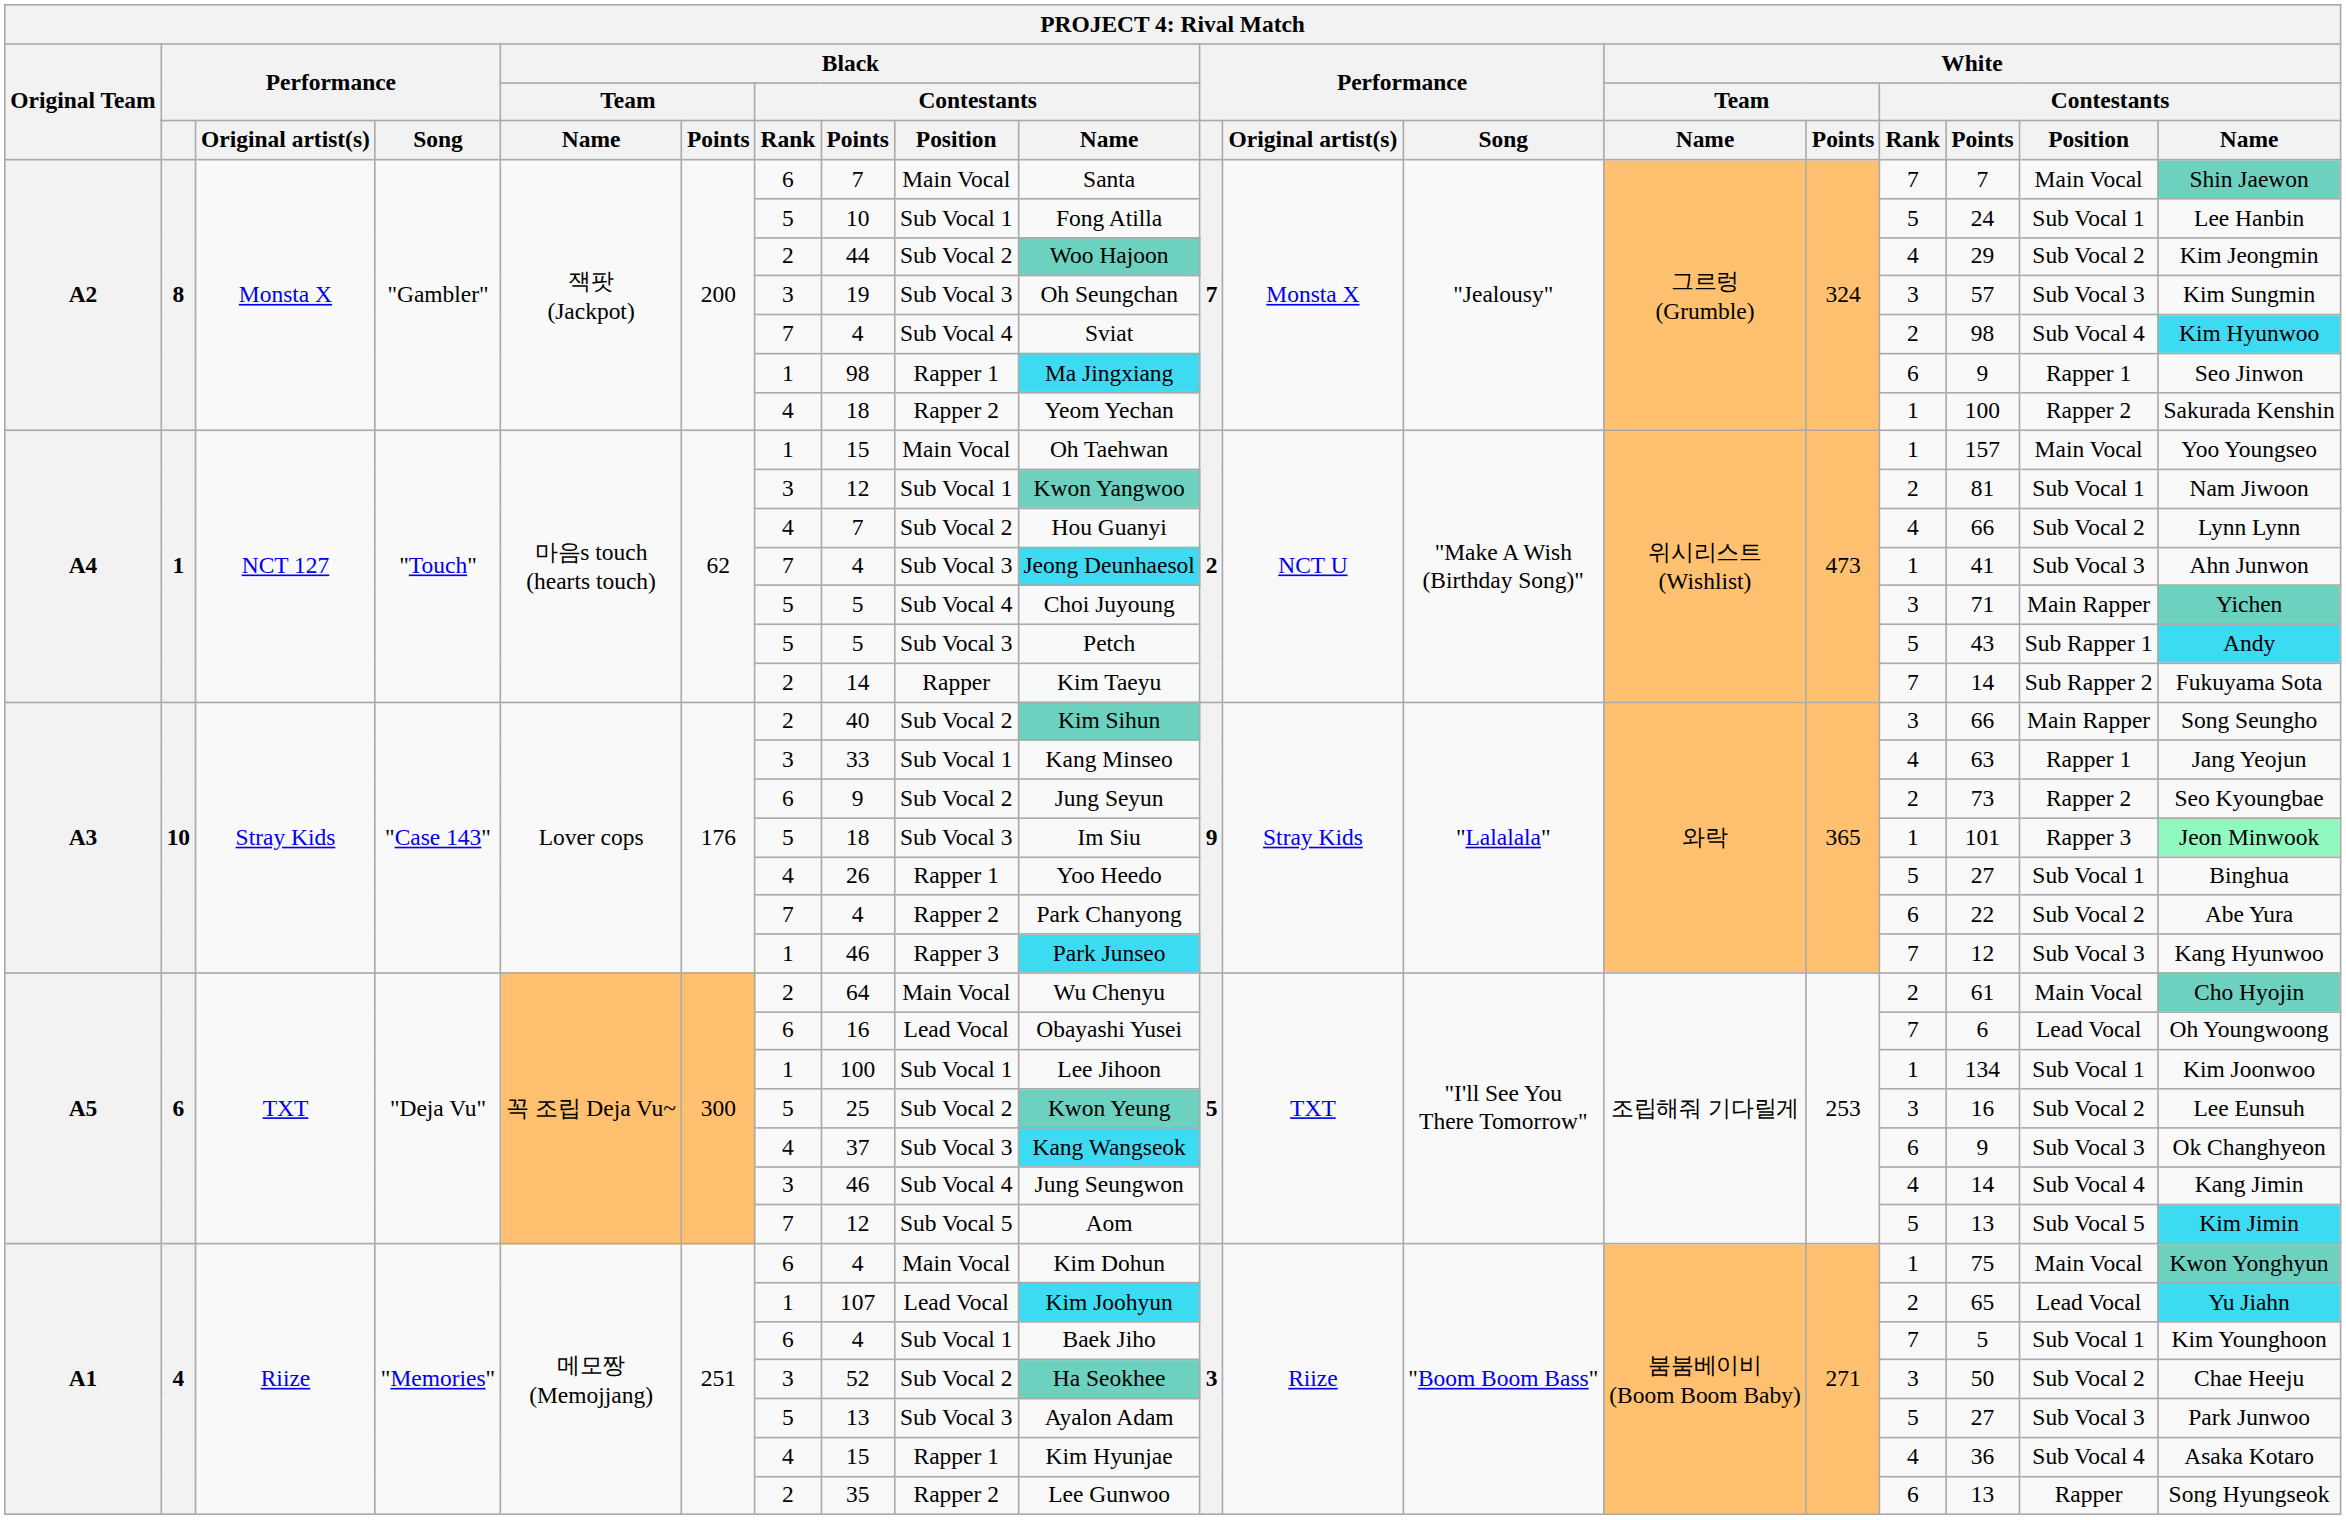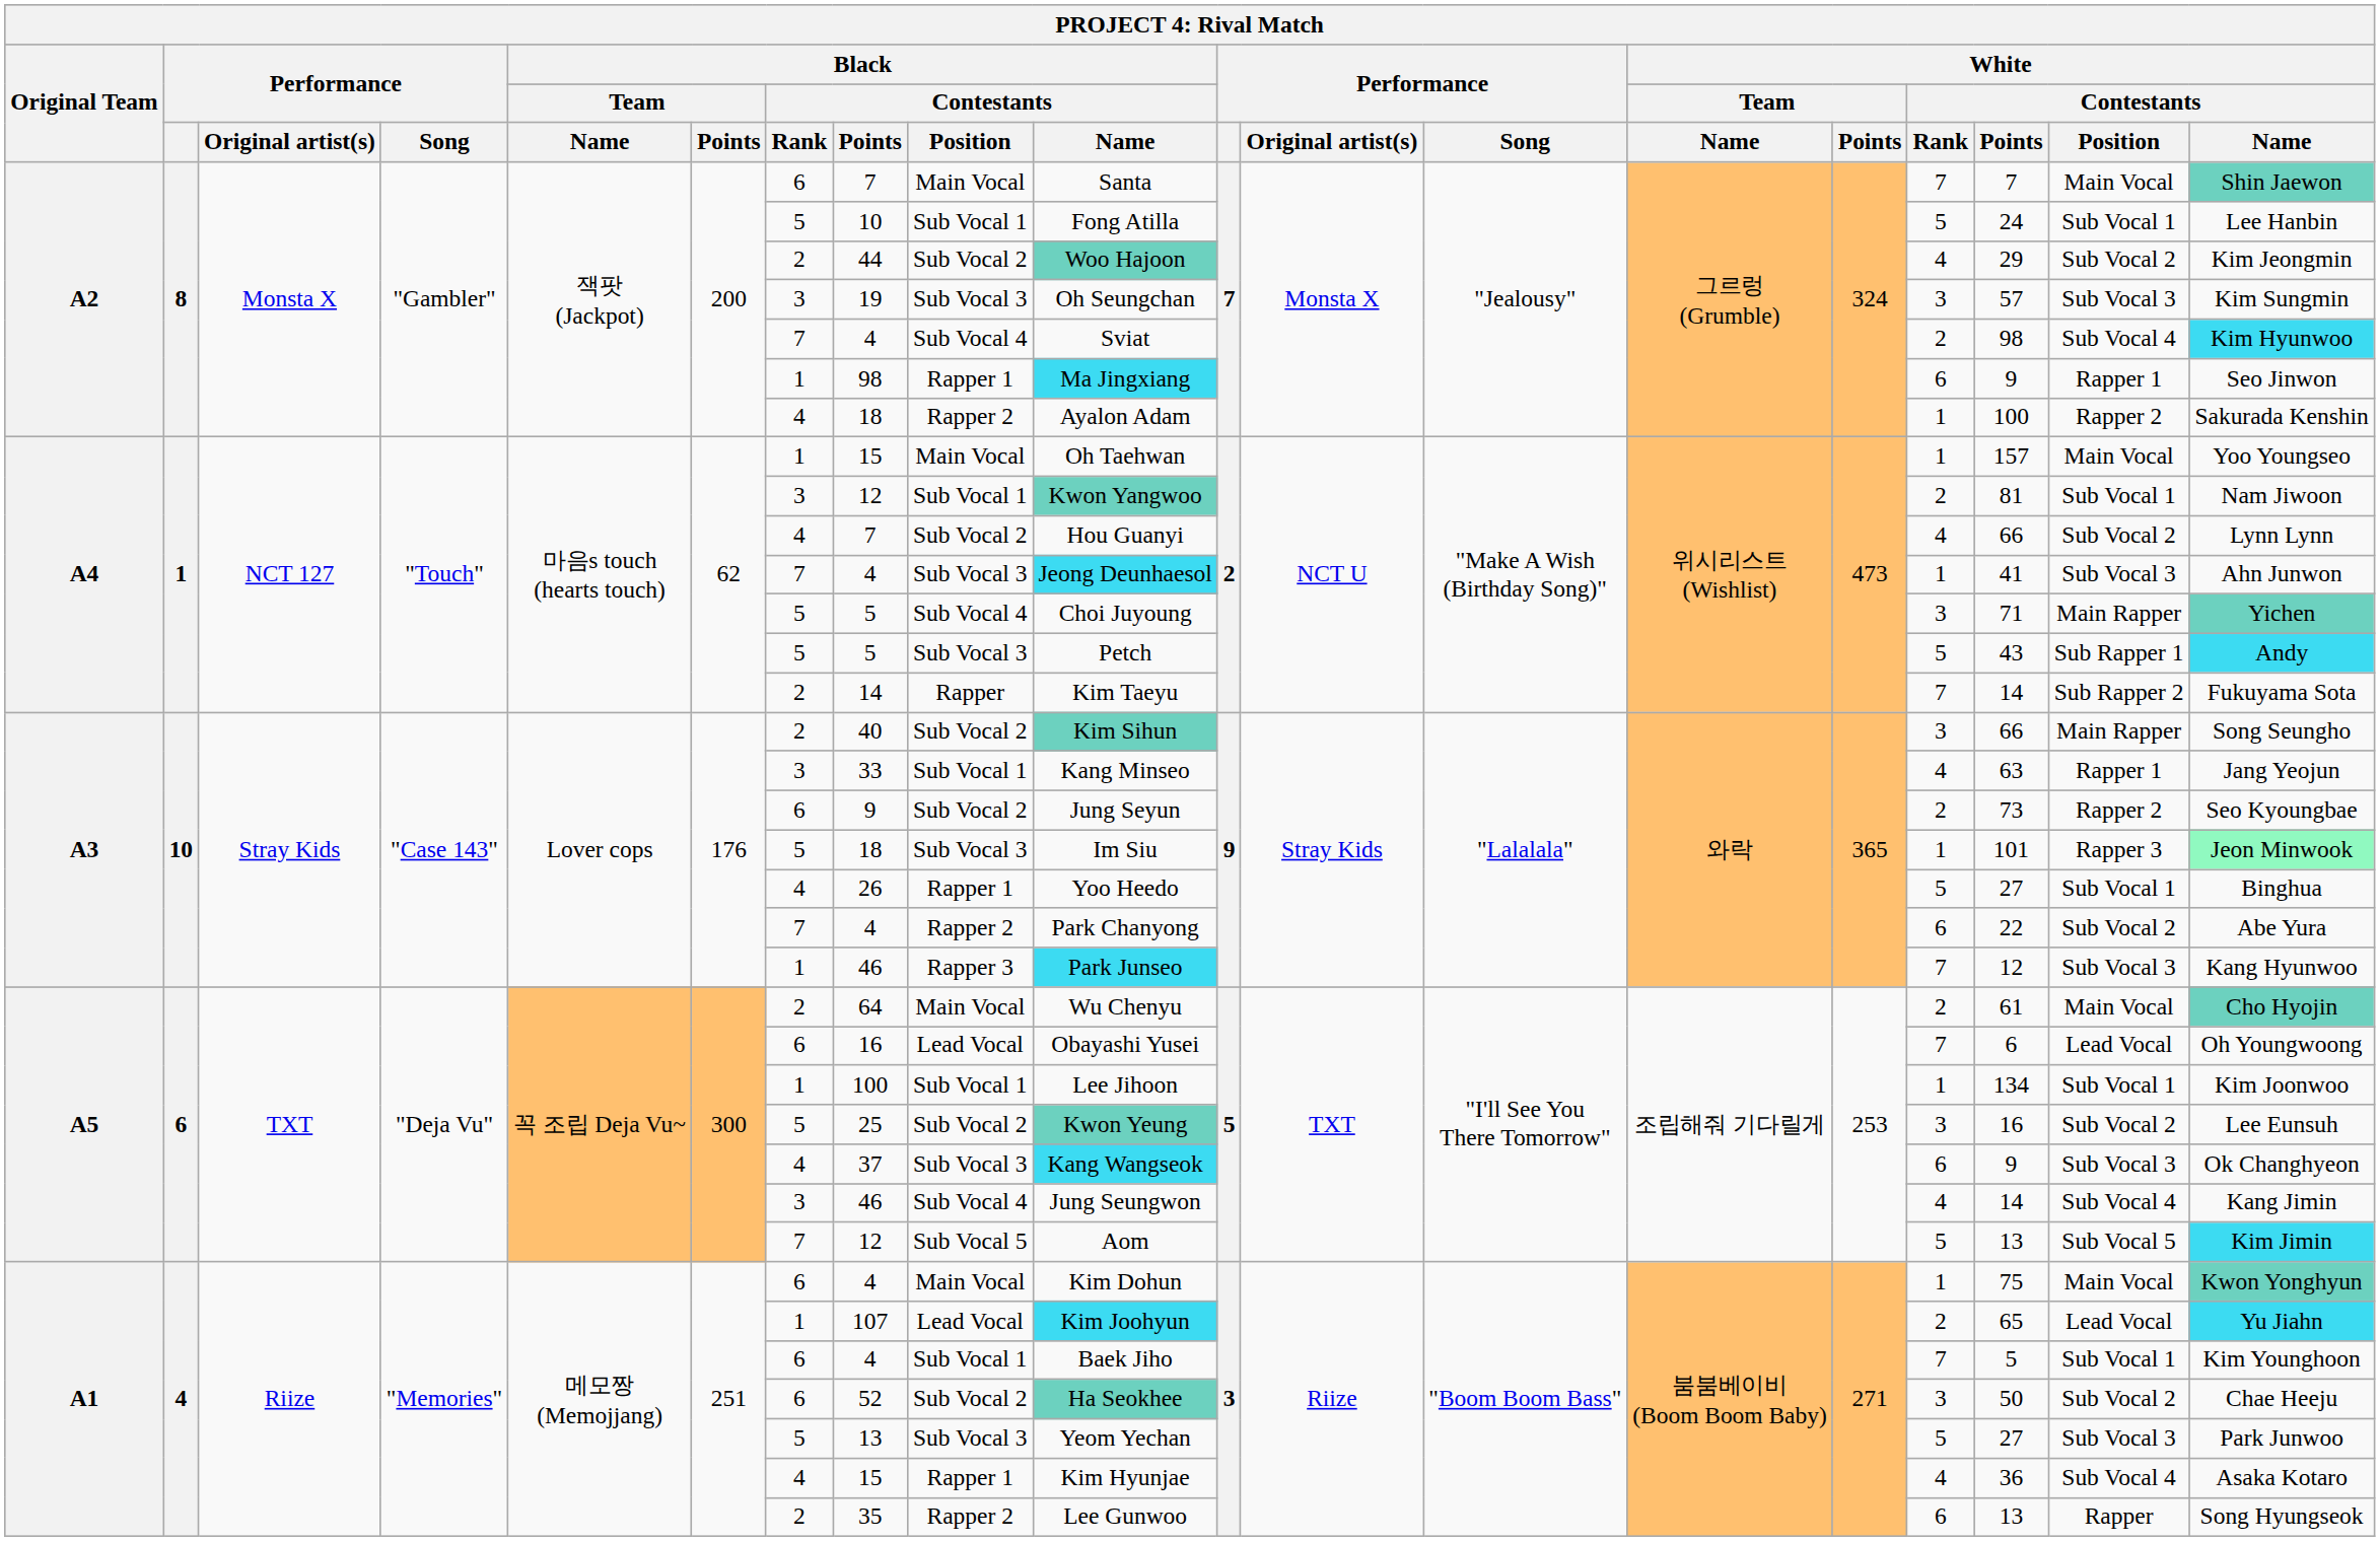 <table class="wikitable sortable mw-collapsible mw-collapsed" style="font-size:90%; text-align:center; ">
 <tr>
 <th colspan="19">PROJECT 4: Rival Match</th>
 </tr>
 <tr>
 <th rowspan="3">Original Team</th>
 <th colspan="3" rowspan="2">Performance</th>
 <th colspan="6">Black</th>
 <th colspan="3" rowspan="2">Performance</th>
 <th colspan="6">White</th>
 </tr>
 <tr>
 <th colspan="2">Team</th>
 <th colspan="4">Contestants</th>
 <th colspan="2">Team</th>
 <th colspan="4">Contestants</th>
 </tr>
 <tr>
 <th></th>
 <th>Original artist(s)</th>
 <th>Song</th>
 <th>Name</th>
 <th>Points</th>
 <th>Rank</th>
 <th>Points</th>
 <th>Position</th>
 <th>Name</th>
 <th></th>
 <th>Original artist(s)</th>
 <th>Song</th>
 <th>Name</th>
 <th>Points</th>
 <th>Rank</th>
 <th>Points</th>
 <th>Position</th>
 <th>Name</th>
 </tr>
 <tr>
 <th rowspan="7">A2</th>
 <th rowspan="7">8</th>
 <td rowspan="7"><a href='#'>Monsta X</a></td>
 <td rowspan="7">"Gambler"</td>
 <td rowspan="7">잭팟 <br> (Jackpot)</td>
 <td rowspan="7">200</td>
 <td>6</td>
 <td>7</td>
 <td>Main Vocal</td>
 <td>Santa</td>
 <th rowspan="7">7</th>
 <td rowspan="7"><a href='#'>Monsta X</a></td>
 <td rowspan="7">"Jealousy"</td>
 <td rowspan="7" style="background:#FFC06F">그르렁<br>(Grumble)</td>
 <td rowspan="7" style="background:#FFC06F">324</td>
 <td>7</td>
 <td>7</td>
 <td>Main Vocal</td>
 <td style="background:#6CD1BF">Shin Jaewon</td>
 </tr>
 <tr>
 <td>5</td>
 <td>10</td>
 <td>Sub Vocal 1</td>
 <td>Fong Atilla</td>
 <td>5</td>
 <td>24</td>
 <td>Sub Vocal 1</td>
 <td>Lee Hanbin</td>
 </tr>
 <tr>
 <td>2</td>
 <td>44</td>
 <td>Sub Vocal 2</td>
 <td style="background:#6CD1BF">Woo Hajoon</td>
 <td>4</td>
 <td>29</td>
 <td>Sub Vocal 2</td>
 <td>Kim Jeongmin</td>
 </tr>
 <tr>
 <td>3</td>
 <td>19</td>
 <td>Sub Vocal 3</td>
 <td>Oh Seungchan</td>
 <td>3</td>
 <td>57</td>
 <td>Sub Vocal 3</td>
 <td>Kim Sungmin</td>
 </tr>
 <tr>
 <td>7</td>
 <td>4</td>
 <td>Sub Vocal 4</td>
 <td>Sviat</td>
 <td>2</td>
 <td>98</td>
 <td>Sub Vocal 4</td>
 <td style="background:#3cdbf2">Kim Hyunwoo</td>
 </tr>
 <tr>
 <td>1</td>
 <td>98</td>
 <td>Rapper 1</td>
 <td style="background:#3cdbf2">Ma Jingxiang</td>
 <td>6</td>
 <td>9</td>
 <td>Rapper 1</td>
 <td>Seo Jinwon</td>
 </tr>
 <tr>
 <td>4</td>
 <td>18</td>
 <td>Rapper 2</td>
-<td>Yeom Yechan</td>
+<td>Ayalon Adam</td>
 <td>1</td>
 <td>100</td>
 <td>Rapper 2</td>
 <td>Sakurada Kenshin</td>
 </tr>
 <tr>
 <th rowspan="7">A4</th>
 <th rowspan="7">1</th>
 <td rowspan="7"><a href='#'>NCT 127</a></td>
 <td rowspan="7">"<a href='#'>Touch</a>"</td>
 <td rowspan="7">마음s touch<br>(hearts touch)</td>
 <td rowspan="7">62</td>
 <td>1</td>
 <td>15</td>
 <td>Main Vocal</td>
 <td>Oh Taehwan</td>
 <th rowspan="7">2</th>
 <td rowspan="7"><a href='#'>NCT U</a></td>
 <td rowspan="7">"Make A Wish<br>(Birthday Song)"</td>
 <td rowspan="7" style="background:#FFC06F">위시리스트<br>(Wishlist)</td>
 <td rowspan="7" style="background:#FFC06F">473</td>
 <td>1</td>
 <td>157</td>
 <td>Main Vocal</td>
 <td>Yoo Youngseo</td>
 </tr>
 <tr>
 <td>3</td>
 <td>12</td>
 <td>Sub Vocal 1</td>
 <td style="background:#6CD1BF">Kwon Yangwoo</td>
 <td>2</td>
 <td>81</td>
 <td>Sub Vocal 1</td>
 <td>Nam Jiwoon</td>
 </tr>
 <tr>
 <td>4</td>
 <td>7</td>
 <td>Sub Vocal 2</td>
 <td>Hou Guanyi</td>
 <td>4</td>
 <td>66</td>
 <td>Sub Vocal 2</td>
 <td>Lynn Lynn</td>
 </tr>
 <tr>
 <td>7</td>
 <td>4</td>
 <td>Sub Vocal 3</td>
 <td style="background:#3cdbf2">Jeong Deunhaesol</td>
 <td>1</td>
 <td>41</td>
 <td>Sub Vocal 3</td>
 <td>Ahn Junwon</td>
 </tr>
 <tr>
 <td>5</td>
 <td>5</td>
 <td>Sub Vocal 4</td>
 <td>Choi Juyoung</td>
 <td>3</td>
 <td>71</td>
 <td>Main Rapper</td>
 <td style="background:#6CD1BF">Yichen</td>
 </tr>
 <tr>
 <td>5</td>
 <td>5</td>
 <td>Sub Vocal 3</td>
 <td>Petch</td>
 <td>5</td>
 <td>43</td>
 <td>Sub Rapper 1</td>
 <td style="background:#3cdbf2">Andy</td>
 </tr>
 <tr>
 <td>2</td>
 <td>14</td>
 <td>Rapper</td>
 <td>Kim Taeyu</td>
 <td>7</td>
 <td>14</td>
 <td>Sub Rapper 2</td>
 <td>Fukuyama Sota</td>
 </tr>
 <tr>
 <th rowspan="7">A3</th>
 <th rowspan="7">10</th>
 <td rowspan="7"><a href='#'>Stray Kids</a></td>
 <td rowspan="7">"<a href='#'>Case 143</a>"</td>
 <td rowspan="7">Lover cops</td>
 <td rowspan="7">176</td>
 <td>2</td>
 <td>40</td>
 <td>Sub Vocal 2</td>
 <td style="background:#6CD1BF">Kim Sihun</td>
 <th rowspan="7">9</th>
 <td rowspan="7"><a href='#'>Stray Kids</a></td>
 <td rowspan="7">"<a href='#'>Lalalala</a>"</td>
 <td rowspan="7" style="background:#FFC06F">와락</td>
 <td rowspan="7" style="background:#FFC06F">365</td>
 <td>3</td>
 <td>66</td>
 <td>Main Rapper</td>
 <td>Song Seungho</td>
 </tr>
 <tr>
 <td>3</td>
 <td>33</td>
 <td>Sub Vocal 1</td>
 <td>Kang Minseo</td>
 <td>4</td>
 <td>63</td>
 <td>Rapper 1</td>
 <td>Jang Yeojun</td>
 </tr>
 <tr>
 <td>6</td>
 <td>9</td>
 <td>Sub Vocal 2</td>
 <td>Jung Seyun</td>
 <td>2</td>
 <td>73</td>
 <td>Rapper 2</td>
 <td>Seo Kyoungbae</td>
 </tr>
 <tr>
 <td>5</td>
 <td>18</td>
 <td>Sub Vocal 3</td>
 <td>Im Siu</td>
 <td>1</td>
 <td>101</td>
 <td>Rapper 3</td>
 <td style="background:#90F9C0 ">Jeon Minwook</td>
 </tr>
 <tr>
 <td>4</td>
 <td>26</td>
 <td>Rapper 1</td>
 <td>Yoo Heedo</td>
 <td>5</td>
 <td>27</td>
 <td>Sub Vocal 1</td>
 <td>Binghua</td>
 </tr>
 <tr>
 <td>7</td>
 <td>4</td>
 <td>Rapper 2</td>
 <td>Park Chanyong</td>
 <td>6</td>
 <td>22</td>
 <td>Sub Vocal 2</td>
 <td>Abe Yura</td>
 </tr>
 <tr>
 <td>1</td>
 <td>46</td>
 <td>Rapper 3</td>
 <td style="background:#3cdbf2">Park Junseo</td>
 <td>7</td>
 <td>12</td>
 <td>Sub Vocal 3</td>
 <td>Kang Hyunwoo</td>
 </tr>
 <tr>
 <th rowspan="7">A5</th>
 <th rowspan="7">6</th>
 <td rowspan="7"><a href='#'>TXT</a></td>
 <td rowspan="7">"Deja Vu"</td>
 <td rowspan="7" style="background:#FFC06F">꼭 조립 Deja Vu~</td>
 <td rowspan="7" style="background:#FFC06F">300</td>
 <td>2</td>
 <td>64</td>
 <td>Main Vocal</td>
 <td>Wu Chenyu</td>
 <th rowspan="7">5</th>
 <td rowspan="7"><a href='#'>TXT</a></td>
 <td rowspan="7">"I'll See You<br>There Tomorrow"</td>
 <td rowspan="7">조립해줘 기다릴게</td>
 <td rowspan="7">253</td>
 <td>2</td>
 <td>61</td>
 <td>Main Vocal</td>
 <td style="background:#6CD1BF">Cho Hyojin</td>
 </tr>
 <tr>
 <td>6</td>
 <td>16</td>
 <td>Lead Vocal</td>
 <td>Obayashi Yusei</td>
 <td>7</td>
 <td>6</td>
 <td>Lead Vocal</td>
 <td>Oh Youngwoong</td>
 </tr>
 <tr>
 <td>1</td>
 <td>100</td>
 <td>Sub Vocal 1</td>
 <td>Lee Jihoon</td>
 <td>1</td>
 <td>134</td>
 <td>Sub Vocal 1</td>
 <td>Kim Joonwoo</td>
 </tr>
 <tr>
 <td>5</td>
 <td>25</td>
 <td>Sub Vocal 2</td>
 <td style="background:#6CD1BF">Kwon Yeung</td>
 <td>3</td>
 <td>16</td>
 <td>Sub Vocal 2</td>
 <td>Lee Eunsuh</td>
 </tr>
 <tr>
 <td>4</td>
 <td>37</td>
 <td>Sub Vocal 3</td>
 <td style="background:#3cdbf2">Kang Wangseok</td>
 <td>6</td>
 <td>9</td>
 <td>Sub Vocal 3</td>
 <td>Ok Changhyeon</td>
 </tr>
 <tr>
 <td>3</td>
 <td>46</td>
 <td>Sub Vocal 4</td>
 <td>Jung Seungwon</td>
 <td>4</td>
 <td>14</td>
 <td>Sub Vocal 4</td>
 <td>Kang Jimin</td>
 </tr>
 <tr>
 <td>7</td>
 <td>12</td>
 <td>Sub Vocal 5</td>
 <td>Aom</td>
 <td>5</td>
 <td>13</td>
 <td>Sub Vocal 5</td>
 <td style="background:#3cdbf2">Kim Jimin</td>
 </tr>
 <tr>
 <th rowspan="7">A1</th>
 <th rowspan="7">4</th>
 <td rowspan="7"><a href='#'>Riize</a></td>
 <td rowspan="7">"<a href='#'>Memories</a>"</td>
 <td rowspan="7">메모짱<br>(Memojjang)</td>
 <td rowspan="7">251</td>
 <td>6</td>
 <td>4</td>
 <td>Main Vocal</td>
 <td>Kim Dohun</td>
 <th rowspan="7">3</th>
 <td rowspan="7"><a href='#'>Riize</a></td>
 <td rowspan="7">"<a href='#'>Boom Boom Bass</a>"</td>
 <td rowspan="7" style="background:#FFC06F">붐붐베이비<br>(Boom Boom Baby)</td>
 <td rowspan="7" style="background:#FFC06F">271</td>
 <td>1</td>
 <td>75</td>
 <td>Main Vocal</td>
 <td style="background:#6CD1BF">Kwon Yonghyun</td>
 </tr>
 <tr>
 <td>1</td>
 <td>107</td>
 <td>Lead Vocal</td>
 <td style="background:#3cdbf2">Kim Joohyun</td>
 <td>2</td>
 <td>65</td>
 <td>Lead Vocal</td>
 <td style="background:#3cdbf2">Yu Jiahn</td>
 </tr>
 <tr>
 <td>6</td>
 <td>4</td>
 <td>Sub Vocal 1</td>
 <td>Baek Jiho</td>
 <td>7</td>
 <td>5</td>
 <td>Sub Vocal 1</td>
 <td>Kim Younghoon</td>
 </tr>
 <tr>
-<td>3</td>
+<td>6</td>
 <td>52</td>
 <td>Sub Vocal 2</td>
 <td style="background:#6CD1BF">Ha Seokhee</td>
 <td>3</td>
 <td>50</td>
 <td>Sub Vocal 2</td>
 <td>Chae Heeju</td>
 </tr>
 <tr>
 <td>5</td>
 <td>13</td>
 <td>Sub Vocal 3</td>
-<td>Ayalon Adam</td>
+<td>Yeom Yechan</td>
 <td>5</td>
 <td>27</td>
 <td>Sub Vocal 3</td>
 <td>Park Junwoo</td>
 </tr>
 <tr>
 <td>4</td>
 <td>15</td>
 <td>Rapper 1</td>
 <td>Kim Hyunjae</td>
 <td>4</td>
 <td>36</td>
 <td>Sub Vocal 4</td>
 <td>Asaka Kotaro</td>
 </tr>
 <tr>
 <td>2</td>
 <td>35</td>
 <td>Rapper 2</td>
 <td>Lee Gunwoo</td>
 <td>6</td>
 <td>13</td>
 <td>Rapper</td>
 <td>Song Hyungseok</td>
 </tr>
 </table>
